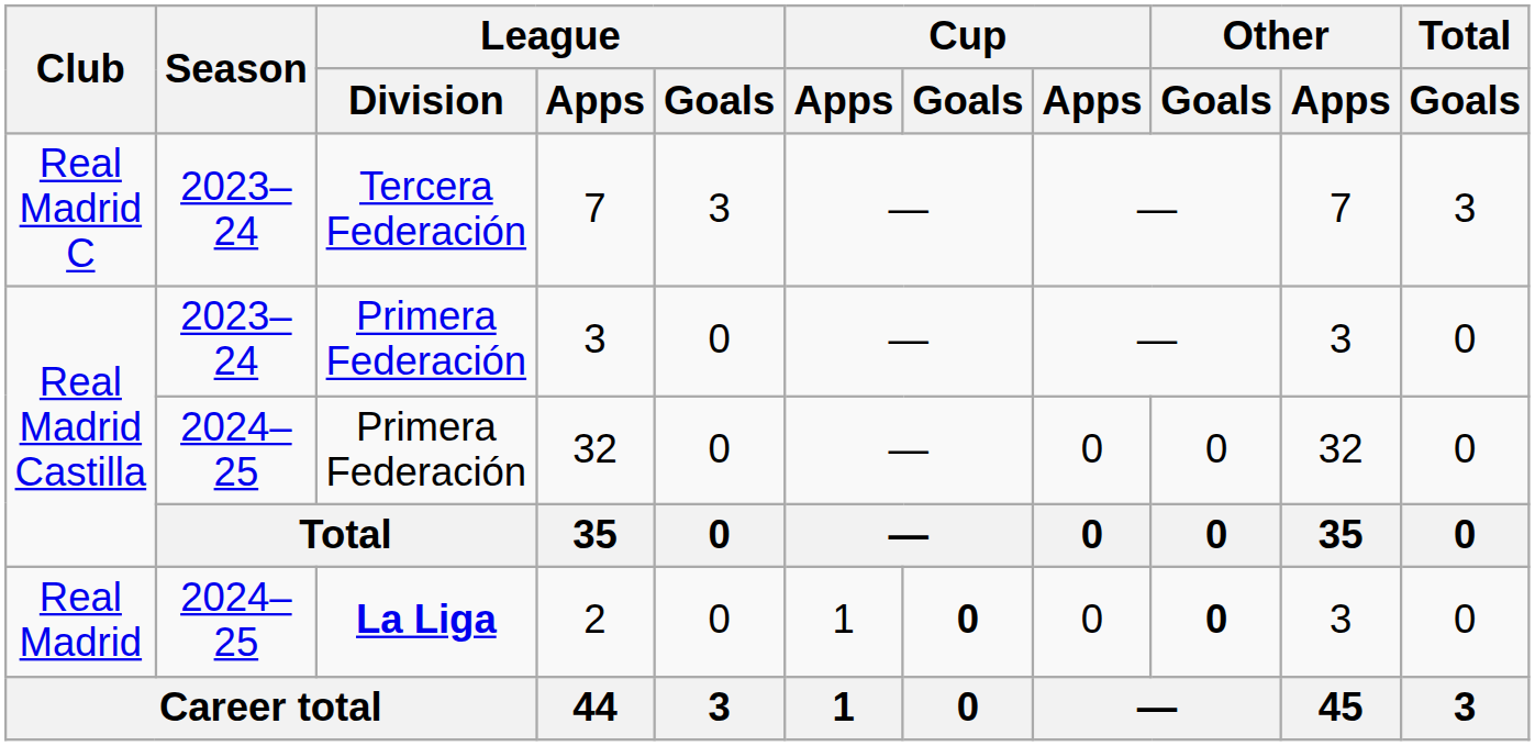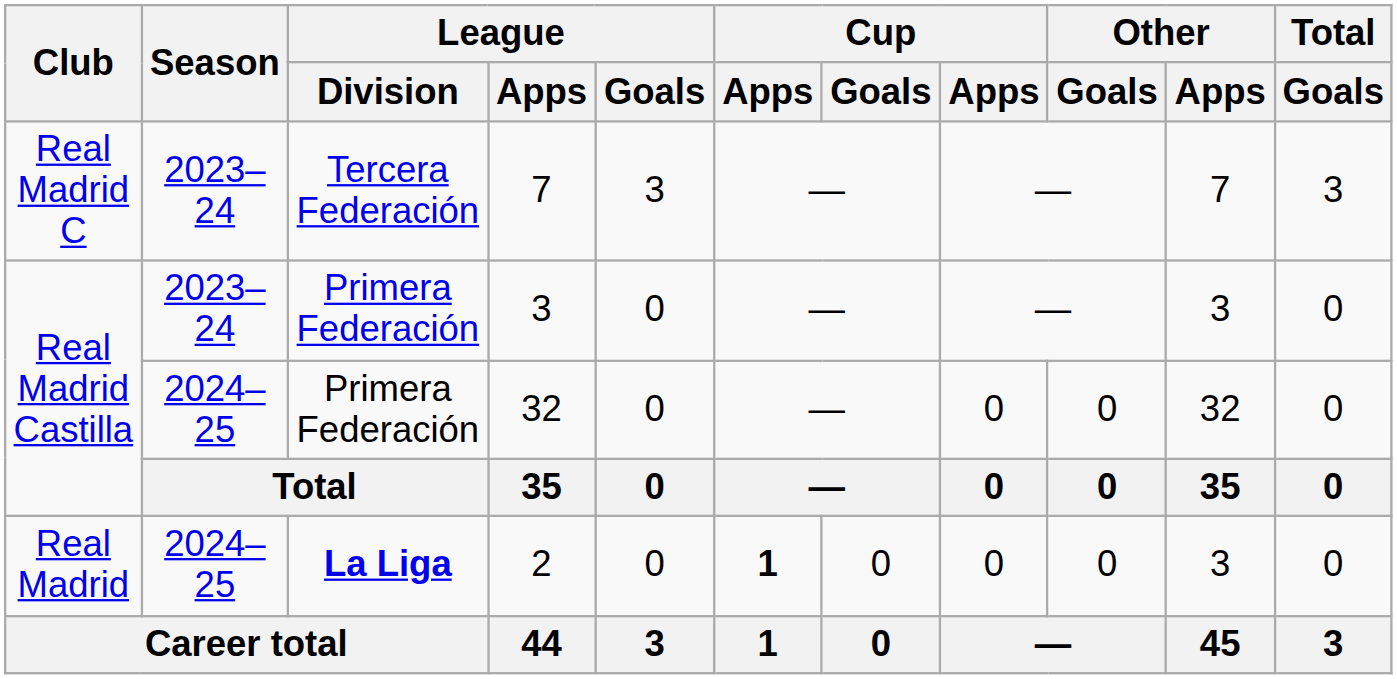 <table class=wikitable style=text-align:center>
 <tr>
 <th rowspan="2">Club</th>
 <th rowspan="2">Season</th>
 <th colspan="3">League</th>
 <th colspan="3">Cup</th>
 <th colspan="2">Other</th>
 <th colspan="2">Total</th>
 </tr>
 <tr>
 <th>Division</th>
 <th>Apps</th>
 <th>Goals</th>
 <th>Apps</th>
 <th>Goals</th>
 <th>Apps</th>
 <th>Goals</th>
 <th>Apps</th>
 <th>Goals</th>
 </tr>
 <tr>
 <td><a href='#'>Real Madrid C</a></td>
 <td><a href='#'>2023–24</a></td>
 <td><a href='#'>Tercera Federación</a></td>
 <td>7</td>
 <td>3</td>
 <td colspan="2">—</td>
 <td colspan="2">—</td>
 <td>7</td>
 <td>3</td>
 </tr>
 <tr>
 <td rowspan="3"><a href='#'>Real Madrid Castilla</a></td>
 <td><a href='#'>2023–24</a></td>
 <td><a href='#'>Primera Federación</a></td>
 <td>3</td>
 <td>0</td>
 <td colspan="2">—</td>
 <td colspan="2">—</td>
 <td>3</td>
 <td>0</td>
 </tr>
 <tr>
 <td><a href='#'>2024–25</a></td>
 <td>Primera Federación</td>
 <td>32</td>
 <td>0</td>
 <td colspan="2">—</td>
 <td>0</td>
 <td>0</td>
 <td>32</td>
 <td>0</td>
 </tr>
 <tr>
 <th colspan="2">Total</th>
 <th>35</th>
 <th>0</th>
 <th colspan="2">—</th>
 <th>0</th>
 <th>0</th>
 <th>35</th>
 <th>0</th>
 </tr>
 <tr>
 <td><a href='#'>Real Madrid</a></td>
 <td><a href='#'>2024–25</a></td>
 <td><strong><a href='#'>La Liga</a></strong></td>
 <td>2</td>
 <td>0</td>
-<td>1</td>
-<td><strong>0</strong></td>
+<td><strong>1</strong></td>
 <td>0</td>
-<td><strong>0</strong></td>
+<td>0</td>
+<td>0</td>
 <td>3</td>
 <td>0</td>
 </tr>
 <tr>
 <th colspan="3">Career total</th>
 <th>44</th>
 <th>3</th>
 <th>1</th>
 <th>0</th>
 <th colspan="2">—</th>
 <th>45</th>
 <th>3</th>
 </tr>
 </table>
